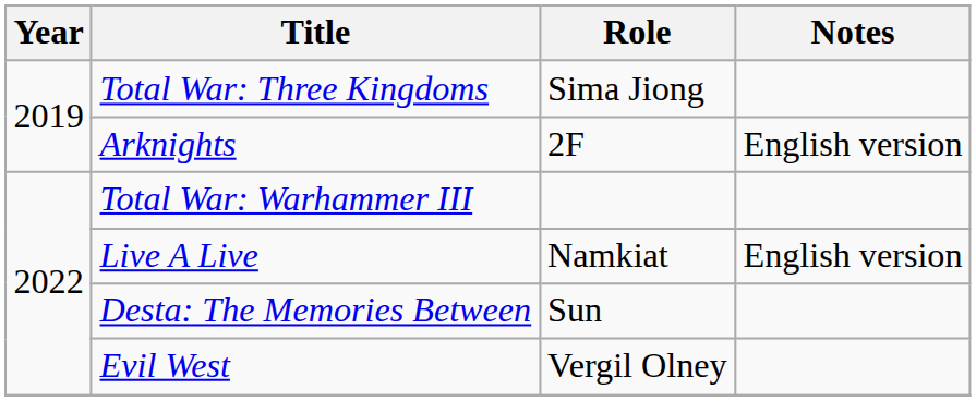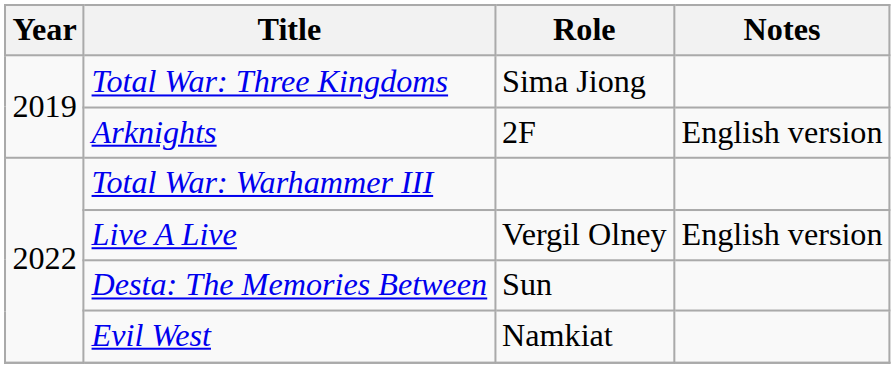 <table class="wikitable sortable">
 <tr>
 <th>Year</th>
 <th>Title</th>
 <th>Role</th>
 <th class="unsortable">Notes</th>
 </tr>
 <tr>
 <td rowspan="2">2019</td>
 <td><em><a href='#'>Total War: Three Kingdoms</a></em></td>
 <td>Sima Jiong</td>
 <td></td>
 </tr>
 <tr>
 <td><em><a href='#'>Arknights</a></em></td>
 <td>2F</td>
 <td>English version</td>
 </tr>
 <tr>
 <td rowspan="4">2022</td>
 <td><em><a href='#'>Total War: Warhammer III</a></em></td>
 <td></td>
 <td></td>
 </tr>
 <tr>
 <td><em><a href='#'>Live A Live</a></em></td>
-<td>Namkiat</td>
+<td>Vergil Olney</td>
 <td>English version</td>
 </tr>
 <tr>
 <td><em><a href='#'>Desta: The Memories Between</a></em></td>
 <td>Sun</td>
 <td></td>
 </tr>
 <tr>
 <td><em><a href='#'>Evil West</a></em></td>
-<td>Vergil Olney</td>
+<td>Namkiat</td>
 <td></td>
 </tr>
 <tr>
 </tr>
 </table>
